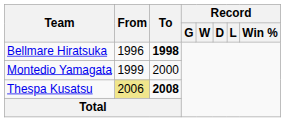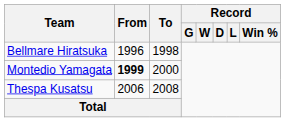 <table class="wikitable" style="text-align: center">
 <tr>
 <th rowspan="2">Team</th>
 <th rowspan="2">From</th>
 <th rowspan="2">To</th>
 <th colspan="5">Record</th>
 </tr>
 <tr>
 <th>G</th>
 <th>W</th>
 <th>D</th>
 <th>L</th>
 <th>Win %</th>
 </tr>
 <tr>
 <td align="left"><a href='#'>Bellmare Hiratsuka</a></td>
 <td align="left">1996</td>
-<td align="left"><strong>1998<br></strong></td>
+<td align="left">1998<br></td>
 </tr>
 <tr>
 <td align="left"><a href='#'>Montedio Yamagata</a></td>
-<td align="left">1999</td>
+<td align="left"><strong>1999</strong></td>
 <td align="left">2000<br></td>
 </tr>
 <tr>
 <td align="left"><a href='#'>Thespa Kusatsu</a></td>
-<td align="left" style="background: khaki;">2006</td>
-<td align="left"><strong>2008<br></strong></td>
+<td align="left">2006</td>
+<td align="left">2008<br></td>
 </tr>
 <tr>
 <th colspan="3">Total<br></th>
 </tr>
 </table>
